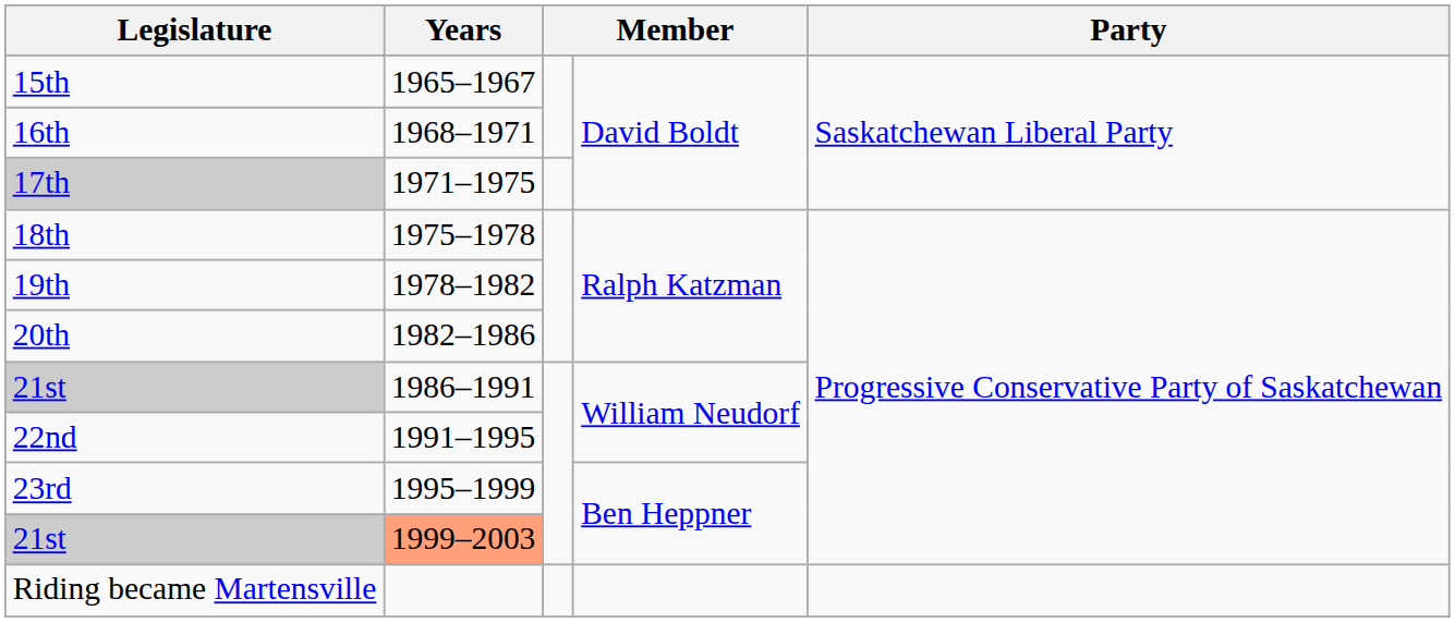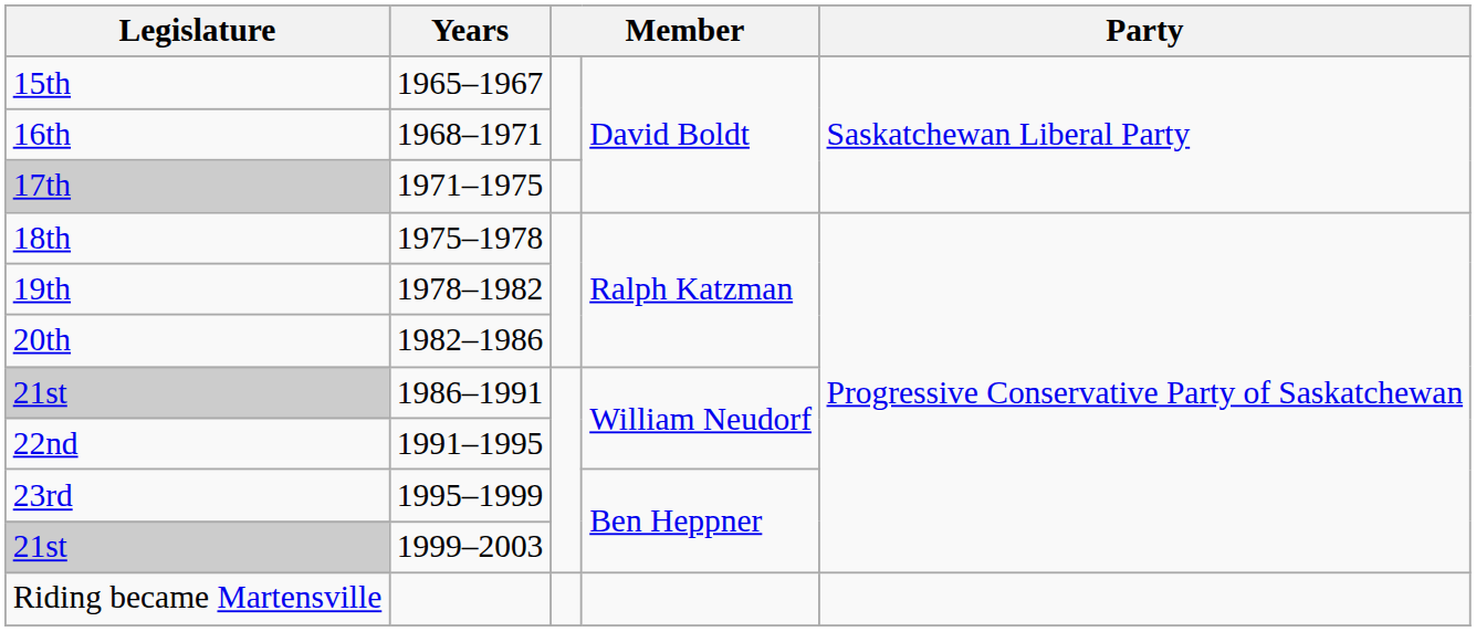 <table class="wikitable">
 <tr>
 <th>Legislature</th>
 <th>Years</th>
 <th colspan="2">Member</th>
 <th>Party</th>
 </tr>
 <tr>
 <td><a href='#'>15th</a></td>
 <td>1965–1967</td>
 <td rowspan="2">  </td>
 <td rowspan="3"><a href='#'>David Boldt</a></td>
 <td rowspan="3"><a href='#'>Saskatchewan Liberal Party</a></td>
 </tr>
 <tr>
 <td><a href='#'>16th</a></td>
 <td>1968–1971</td>
 </tr>
 <tr>
 <td bgcolor="CCCCCC"><a href='#'>17th</a></td>
 <td>1971–1975</td>
 <td>  </td>
 </tr>
 <tr>
 <td><a href='#'>18th</a></td>
 <td>1975–1978</td>
 <td rowspan="3"></td>
 <td rowspan="3"><a href='#'>Ralph Katzman</a></td>
 <td rowspan="7"><a href='#'>Progressive Conservative Party of Saskatchewan</a></td>
 </tr>
 <tr>
 <td><a href='#'>19th</a></td>
 <td>1978–1982</td>
 </tr>
 <tr>
 <td><a href='#'>20th</a></td>
 <td>1982–1986</td>
 </tr>
 <tr>
 <td bgcolor="CCCCCC"><a href='#'>21st</a></td>
 <td>1986–1991</td>
 <td rowspan="4" >  </td>
 <td rowspan="2"><a href='#'>William Neudorf</a></td>
 </tr>
 <tr>
 <td><a href='#'>22nd</a></td>
 <td>1991–1995</td>
 </tr>
 <tr>
 <td><a href='#'>23rd</a></td>
 <td>1995–1999</td>
 <td rowspan="2"><a href='#'>Ben Heppner</a></td>
 </tr>
 <tr>
 <td bgcolor="CCCCCC"><a href='#'>21st</a></td>
-<td style="background: lightsalmon;">1999–2003</td>
+<td>1999–2003</td>
 </tr>
 <tr>
 <td>Riding became <a href='#'>Martensville</a></td>
 <td></td>
 <td></td>
 <td></td>
 <td></td>
 </tr>
 </table>
